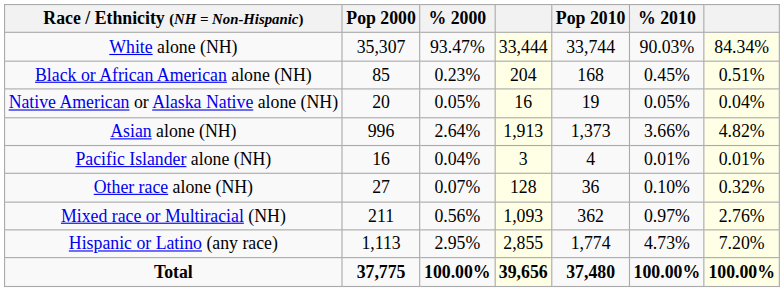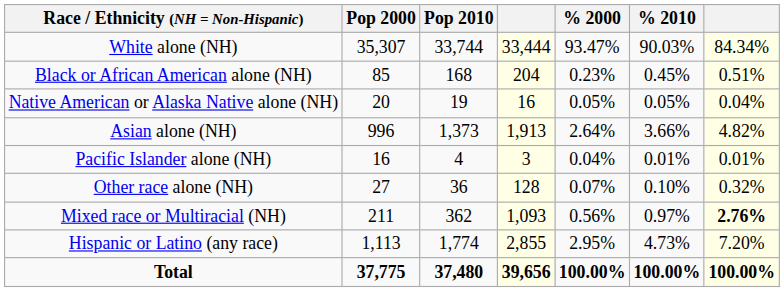 <table class="wikitable" style="text-align:center;">
 <tr>
 <th>Race / Ethnicity <small>(<em>NH = Non-Hispanic</em>)</small></th>
 <th>Pop 2000</th>
+<th>Pop 2010</th>
+<th></th>
 <th>% 2000</th>
-<th></th>
-<th>Pop 2010</th>
 <th>% 2010</th>
 <th></th>
 </tr>
 <tr>
 <td><a href='#'>White</a> alone (NH)</td>
 <td>35,307</td>
+<td>33,744</td>
+<td style='background: #ffffe6;'>33,444</td>
 <td>93.47%</td>
-<td style='background: #ffffe6;'>33,444</td>
-<td>33,744</td>
 <td>90.03%</td>
 <td style='background: #ffffe6;'>84.34%</td>
 </tr>
 <tr>
 <td><a href='#'>Black or African American</a> alone (NH)</td>
 <td>85</td>
+<td>168</td>
+<td style='background: #ffffe6;'>204</td>
 <td>0.23%</td>
-<td style='background: #ffffe6;'>204</td>
-<td>168</td>
 <td>0.45%</td>
 <td style='background: #ffffe6;'>0.51%</td>
 </tr>
 <tr>
 <td><a href='#'>Native American</a> or <a href='#'>Alaska Native</a> alone (NH)</td>
 <td>20</td>
+<td>19</td>
+<td style='background: #ffffe6;'>16</td>
 <td>0.05%</td>
-<td style='background: #ffffe6;'>16</td>
-<td>19</td>
 <td>0.05%</td>
 <td style='background: #ffffe6;'>0.04%</td>
 </tr>
 <tr>
 <td><a href='#'>Asian</a> alone (NH)</td>
 <td>996</td>
+<td>1,373</td>
+<td style='background: #ffffe6;'>1,913</td>
 <td>2.64%</td>
-<td style='background: #ffffe6;'>1,913</td>
-<td>1,373</td>
 <td>3.66%</td>
 <td style='background: #ffffe6;'>4.82%</td>
 </tr>
 <tr>
 <td><a href='#'>Pacific Islander</a> alone (NH)</td>
 <td>16</td>
+<td>4</td>
+<td style='background: #ffffe6;'>3</td>
 <td>0.04%</td>
-<td style='background: #ffffe6;'>3</td>
-<td>4</td>
 <td>0.01%</td>
 <td style='background: #ffffe6;'>0.01%</td>
 </tr>
 <tr>
 <td><a href='#'>Other race</a> alone (NH)</td>
 <td>27</td>
+<td>36</td>
+<td style='background: #ffffe6;'>128</td>
 <td>0.07%</td>
-<td style='background: #ffffe6;'>128</td>
-<td>36</td>
 <td>0.10%</td>
 <td style='background: #ffffe6;'>0.32%</td>
 </tr>
 <tr>
 <td><a href='#'>Mixed race or Multiracial</a> (NH)</td>
 <td>211</td>
+<td>362</td>
+<td style='background: #ffffe6;'>1,093</td>
 <td>0.56%</td>
-<td style='background: #ffffe6;'>1,093</td>
-<td>362</td>
 <td>0.97%</td>
-<td style='background: #ffffe6;'>2.76%</td>
+<td style='background: #ffffe6;'><strong>2.76%</strong></td>
 </tr>
 <tr>
 <td><a href='#'>Hispanic or Latino</a> (any race)</td>
 <td>1,113</td>
+<td>1,774</td>
+<td style='background: #ffffe6;'>2,855</td>
 <td>2.95%</td>
-<td style='background: #ffffe6;'>2,855</td>
-<td>1,774</td>
 <td>4.73%</td>
 <td style='background: #ffffe6;'>7.20%</td>
 </tr>
 <tr>
 <td><strong>Total</strong></td>
 <td><strong>37,775</strong></td>
+<td><strong>37,480</strong></td>
+<td style='background: #ffffe6;'><strong>39,656</strong></td>
 <td><strong>100.00%</strong></td>
-<td style='background: #ffffe6;'><strong>39,656</strong></td>
-<td><strong>37,480</strong></td>
 <td><strong>100.00%</strong></td>
 <td style='background: #ffffe6;'><strong>100.00%</strong></td>
 </tr>
 </table>
